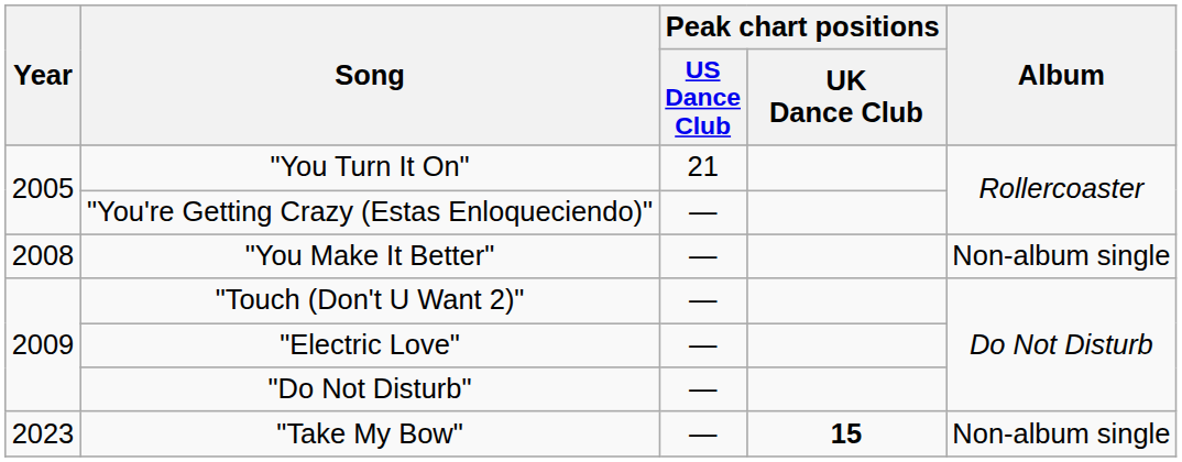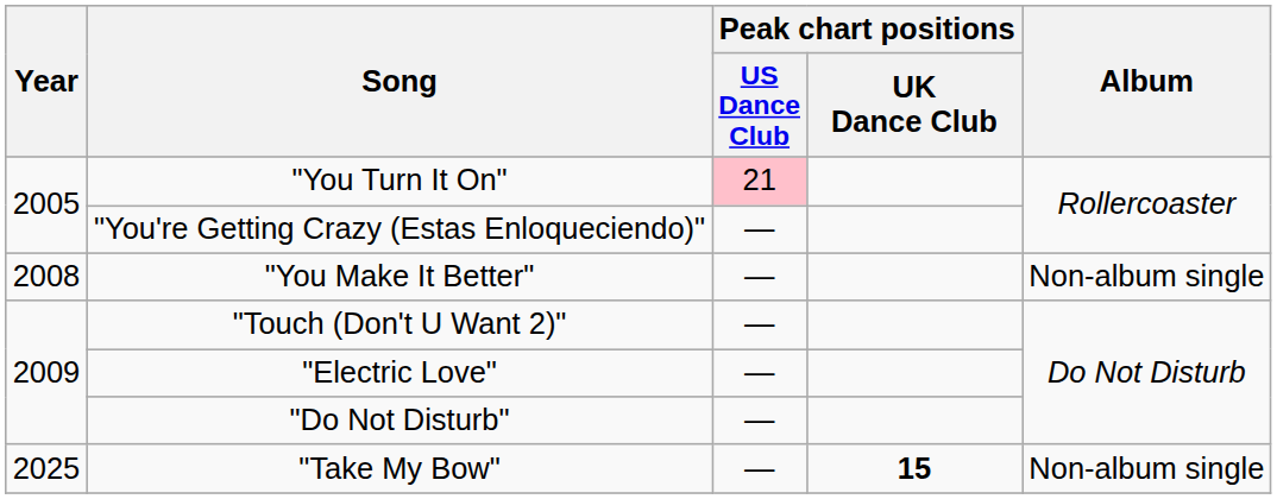 <table class="wikitable plainrowheaders" style="text-align:center;">
 <tr>
 <th rowspan="2" scope="col">Year</th>
 <th rowspan="2" scope="col">Song</th>
 <th colspan="2" rowspan="1" scope="col">Peak chart positions</th>
 <th rowspan="2" scope="col">Album</th>
 </tr>
 <tr>
 <th scope="col" style="width:3em;font-size:90%;"><a href='#'>US<br>Dance<br>Club</a><br></th>
 <th>UK<br>Dance Club</th>
 </tr>
 <tr>
 <td rowspan="2">2005</td>
 <td>"You Turn It On"</td>
-<td>21</td>
+<td style="background: pink;">21</td>
 <td></td>
 <td rowspan="2"><em>Rollercoaster</em></td>
 </tr>
 <tr>
 <td>"You're Getting Crazy (Estas Enloqueciendo)"</td>
 <td>—</td>
 <td></td>
 </tr>
 <tr>
 <td>2008</td>
 <td>"You Make It Better"</td>
 <td>—</td>
 <td></td>
 <td>Non-album single</td>
 </tr>
 <tr>
 <td rowspan="3">2009</td>
 <td>"Touch (Don't U Want 2)"</td>
 <td>—</td>
 <td></td>
 <td rowspan="3"><em>Do Not Disturb</em></td>
 </tr>
 <tr>
 <td>"Electric Love"</td>
 <td>—</td>
 <td></td>
 </tr>
 <tr>
 <td>"Do Not Disturb"</td>
 <td>—</td>
 <td></td>
 </tr>
 <tr>
-<td>2023</td>
+<td>2025</td>
 <td>"Take My Bow"</td>
 <td>—</td>
 <td><strong>15</strong></td>
 <td>Non-album single</td>
 </tr>
 </table>
